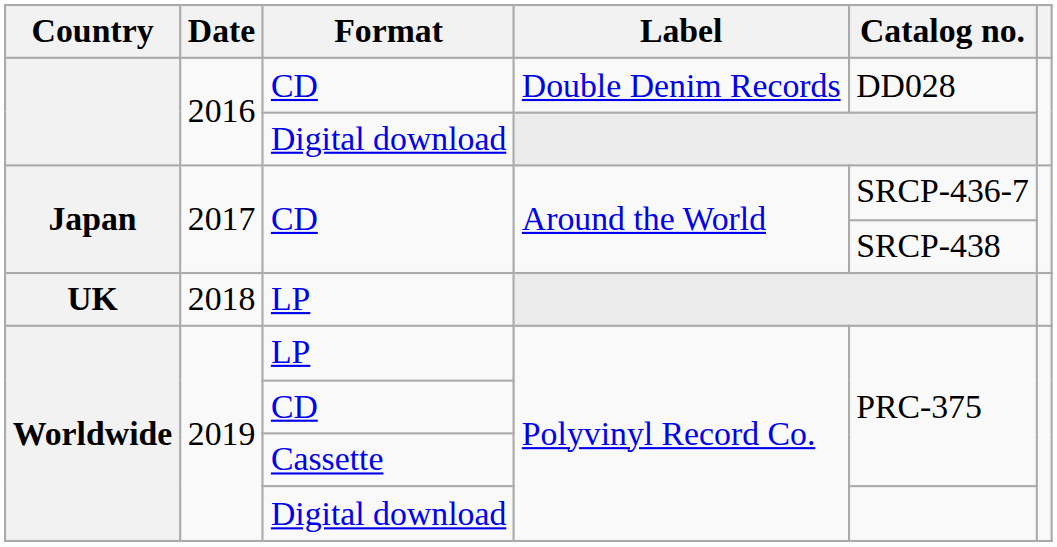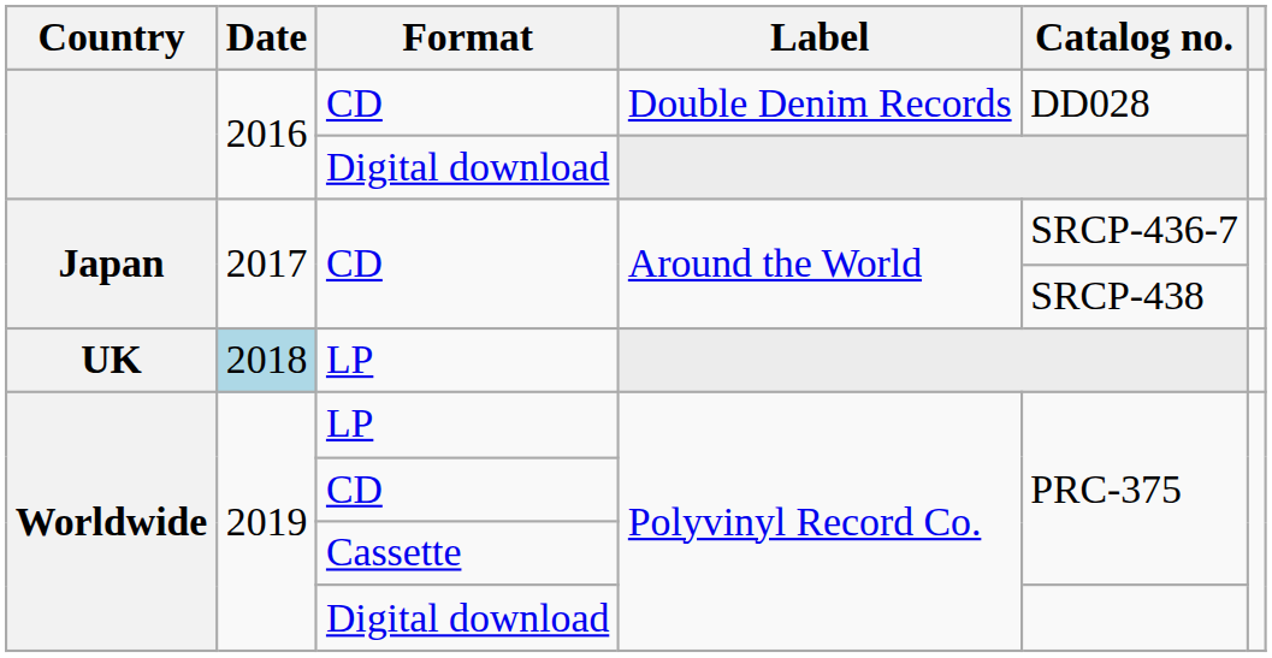 <table class="wikitable plainrowheaders">
 <tr>
 <th>Country</th>
 <th>Date</th>
 <th>Format</th>
 <th>Label</th>
 <th>Catalog no.</th>
 <th></th>
 </tr>
 <tr>
 <th scope="row" rowspan="2"></th>
 <td rowspan="2">2016</td>
 <td rowspan="1"><a href='#'>CD</a></td>
 <td rowspan="1"><a href='#'>Double Denim Records</a></td>
 <td>DD028</td>
 <td rowspan="2"></td>
 </tr>
 <tr>
 <td rowspan="1"><a href='#'>Digital download</a></td>
 <td colspan="2" style="background: #ececec"></td>
 </tr>
 <tr>
 <th scope="row" rowspan="2">Japan</th>
 <td rowspan="2">2017</td>
 <td rowspan="2"><a href='#'>CD</a></td>
 <td rowspan="2"><a href='#'>Around the World</a></td>
 <td>SRCP-436-7</td>
 <td rowspan="2"></td>
 </tr>
 <tr>
 <td>SRCP-438</td>
 </tr>
 <tr>
 <th scope="row" rowspan="1">UK</th>
-<td rowspan="1">2018</td>
+<td rowspan="1" style="background: lightblue;">2018</td>
 <td rowspan="1"><a href='#'>LP</a></td>
 <td colspan="2" style="background: #ececec"></td>
 <td></td>
 </tr>
 <tr>
 <th scope="row" rowspan="4">Worldwide</th>
 <td rowspan="4">2019</td>
 <td rowspan="1"><a href='#'>LP</a></td>
 <td rowspan="4"><a href='#'>Polyvinyl Record Co.</a></td>
 <td rowspan="3">PRC-375</td>
 <td rowspan="4"></td>
 </tr>
 <tr>
 <td><a href='#'>CD</a></td>
 </tr>
 <tr>
 <td><a href='#'>Cassette</a></td>
 </tr>
 <tr>
 <td><a href='#'>Digital download</a></td>
 <td></td>
 </tr>
 </table>
